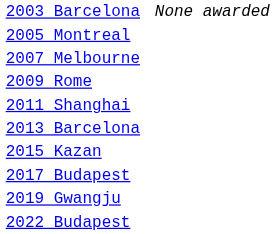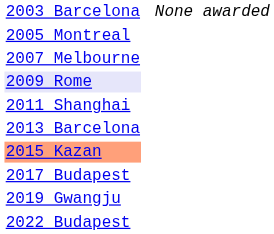 <table>
 <tr>
 <td rowspan=2><a href='#'>2003 Barcelona</a></td>
 <td rowspan=2></td>
 <td></td>
 <td rowspan=2><em>None awarded</em></td>
 </tr>
 <tr>
 <td></td>
 </tr>
 <tr>
 <td><a href='#'>2005 Montreal</a></td>
 <td></td>
 <td></td>
 <td></td>
 </tr>
 <tr>
 <td><a href='#'>2007 Melbourne</a></td>
 <td></td>
 <td></td>
 <td></td>
 </tr>
 <tr>
-<td><a href='#'>2009 Rome</a><br></td>
+<td style="background: lavender;"><a href='#'>2009 Rome</a><br></td>
 <td></td>
 <td></td>
 <td></td>
 </tr>
 <tr>
 <td><a href='#'>2011 Shanghai</a><br></td>
 <td></td>
 <td></td>
 <td></td>
 </tr>
 <tr>
 <td><a href='#'>2013 Barcelona</a><br></td>
 <td></td>
 <td></td>
 <td></td>
 </tr>
 <tr>
-<td><a href='#'>2015 Kazan</a><br></td>
+<td style="background: lightsalmon;"><a href='#'>2015 Kazan</a><br></td>
 <td></td>
 <td></td>
 <td></td>
 </tr>
 <tr>
 <td><a href='#'>2017 Budapest</a><br></td>
 <td></td>
 <td></td>
 <td></td>
 </tr>
 <tr>
 <td><a href='#'>2019 Gwangju</a><br></td>
 <td></td>
 <td></td>
 <td></td>
 </tr>
 <tr>
 <td><a href='#'>2022 Budapest</a><br></td>
 <td></td>
 <td></td>
 <td></td>
 </tr>
 </table>
